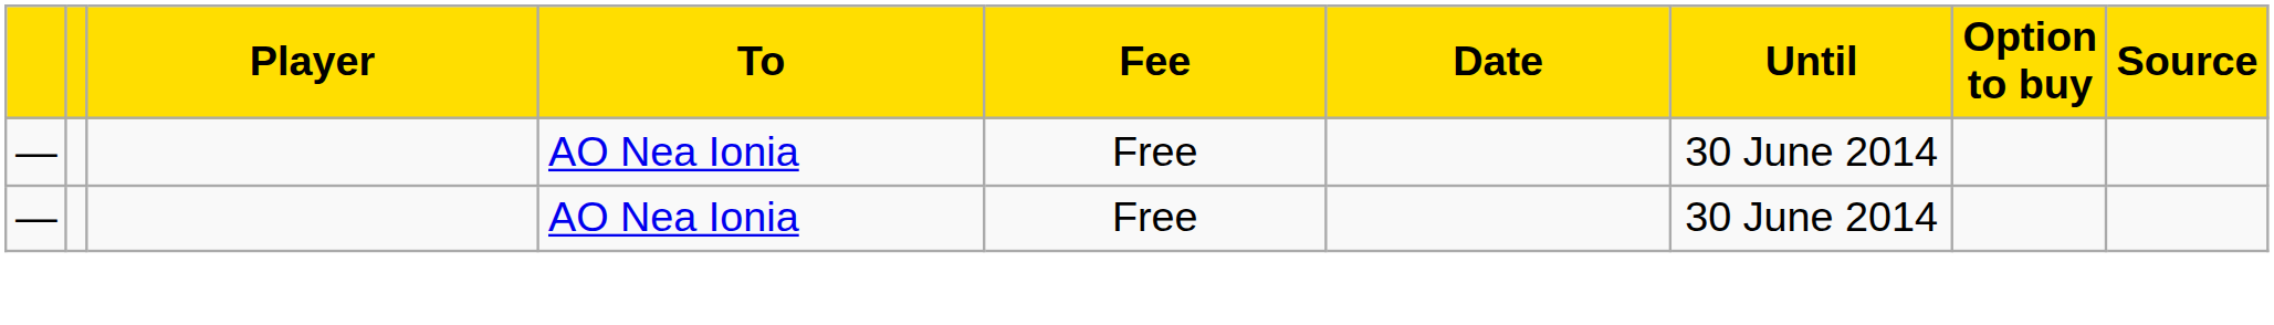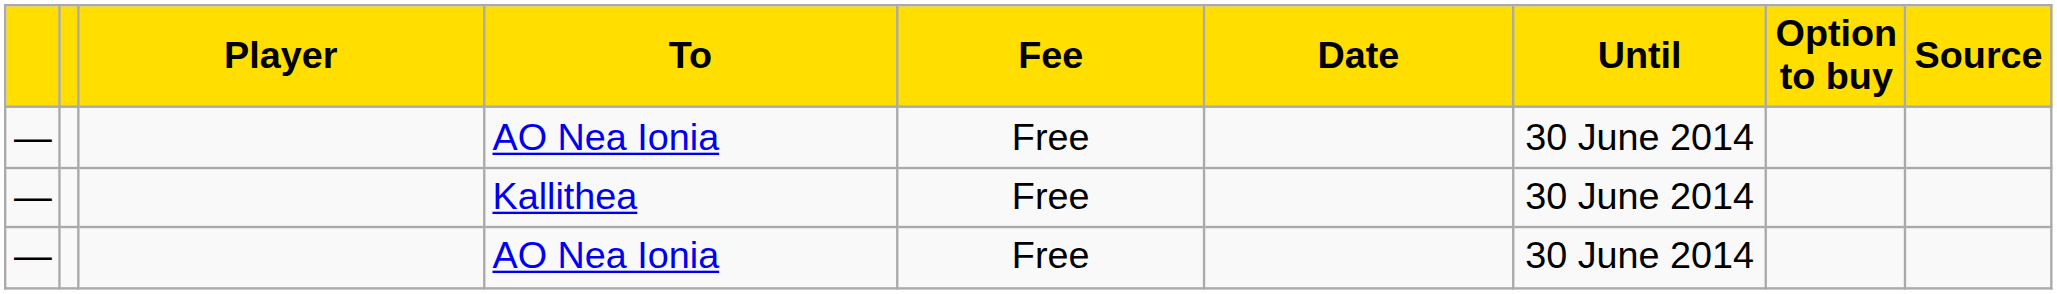 <table class="wikitable sortable">
 <tr>
 <th style="background:#FFDE00"></th>
 <th style="background:#FFDE00"></th>
 <th width=200 style="background:#FFDE00">Player</th>
 <th width=200 style="background:#FFDE00">To</th>
 <th width=150 style="background:#FFDE00">Fee</th>
 <th width=150 style="background:#FFDE00">Date</th>
 <th width=120 style="background:#FFDE00">Until</th>
 <th style="background:#FFDE00">Option to buy</th>
 <th style="background:#FFDE00">Source</th>
 </tr>
 <tr>
 <td align=center>—</td>
 <td align=center></td>
 <td></td>
 <td> <a href='#'>AO Nea Ionia</a></td>
 <td align=center>Free</td>
 <td align=center></td>
 <td align=center>30 June 2014</td>
 <td align=center></td>
 <td align=center></td>
 </tr>
 <tr>
 <td align=center>—</td>
 <td align=center></td>
 <td></td>
+<td> <a href='#'>Kallithea</a></td>
+<td align=center>Free</td>
+<td align=center></td>
+<td align=center>30 June 2014</td>
+<td align=center></td>
+<td align=center></td>
+</tr>
+<tr>
+<td align=center>—</td>
+<td align=center></td>
+<td></td>
 <td> <a href='#'>AO Nea Ionia</a></td>
 <td align=center>Free</td>
 <td align=center></td>
 <td align=center>30 June 2014</td>
 <td align=center></td>
 <td align=center></td>
 </tr>
 </table>
